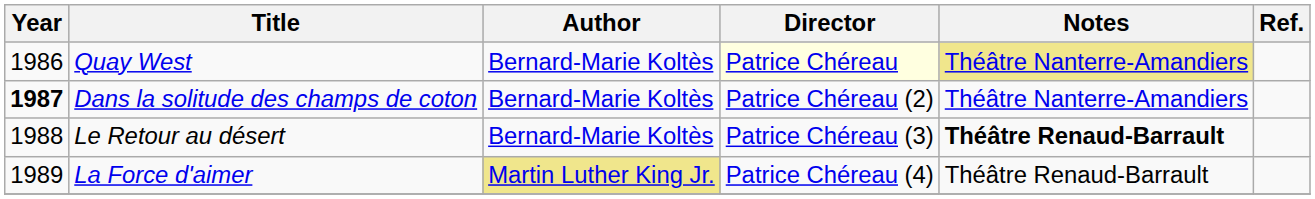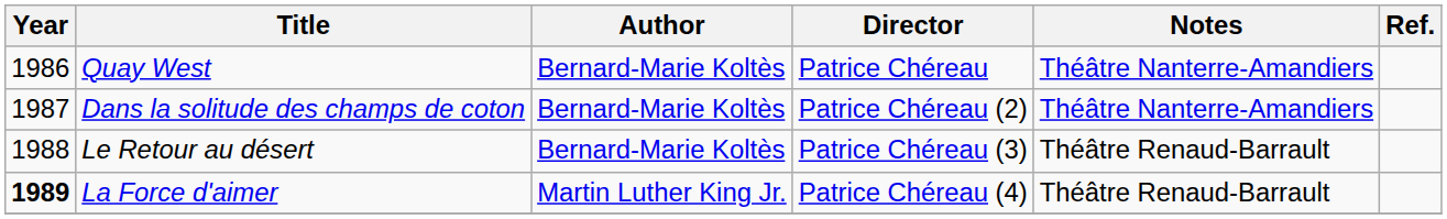 <table class="wikitable">
 <tr>
 <th>Year</th>
 <th>Title</th>
 <th>Author</th>
 <th>Director</th>
 <th>Notes</th>
 <th>Ref.</th>
 </tr>
 <tr>
 <td>1986</td>
 <td><em><a href='#'>Quay West</a></em></td>
 <td><a href='#'>Bernard-Marie Koltès</a></td>
-<td style="background: lightyellow;"><a href='#'>Patrice Chéreau</a></td>
-<td style="background: khaki;"><a href='#'>Théâtre Nanterre-Amandiers</a></td>
+<td><a href='#'>Patrice Chéreau</a></td>
+<td><a href='#'>Théâtre Nanterre-Amandiers</a></td>
 <td></td>
 </tr>
 <tr>
-<td><strong>1987</strong></td>
+<td>1987</td>
 <td><em><a href='#'>Dans la solitude des champs de coton</a></em></td>
 <td><a href='#'>Bernard-Marie Koltès</a></td>
 <td><a href='#'>Patrice Chéreau</a> (2)</td>
 <td><a href='#'>Théâtre Nanterre-Amandiers</a></td>
 <td></td>
 </tr>
 <tr>
 <td>1988</td>
 <td><em>Le Retour au désert</em></td>
 <td><a href='#'>Bernard-Marie Koltès</a></td>
 <td><a href='#'>Patrice Chéreau</a> (3)</td>
-<td><strong>Théâtre Renaud-Barrault</strong></td>
+<td>Théâtre Renaud-Barrault</td>
 <td></td>
 </tr>
 <tr>
-<td>1989</td>
+<td><strong>1989</strong></td>
 <td><em><a href='#'>La Force d'aimer</a></em></td>
-<td style="background: khaki;"><a href='#'>Martin Luther King Jr.</a></td>
+<td><a href='#'>Martin Luther King Jr.</a></td>
 <td><a href='#'>Patrice Chéreau</a> (4)</td>
 <td>Théâtre Renaud-Barrault</td>
 <td></td>
 </tr>
 <tr>
 </tr>
 </table>
